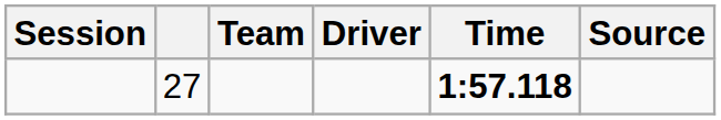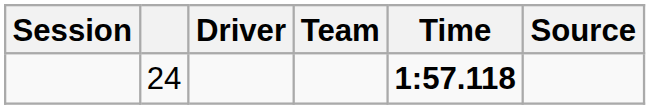 <table class="wikitable" style="font-size: 85%">
 <tr>
 <th>Session</th>
 <th></th>
+<th>Driver</th>
 <th>Team</th>
-<th>Driver</th>
 <th>Time</th>
 <th>Source</th>
 </tr>
 <tr>
 <td></td>
-<td align=center>27</td>
+<td align=center>24</td>
 <td></td>
 <td></td>
 <td><strong>1:57.118</strong></td>
 <td align=center></td>
 </tr>
 </table>
